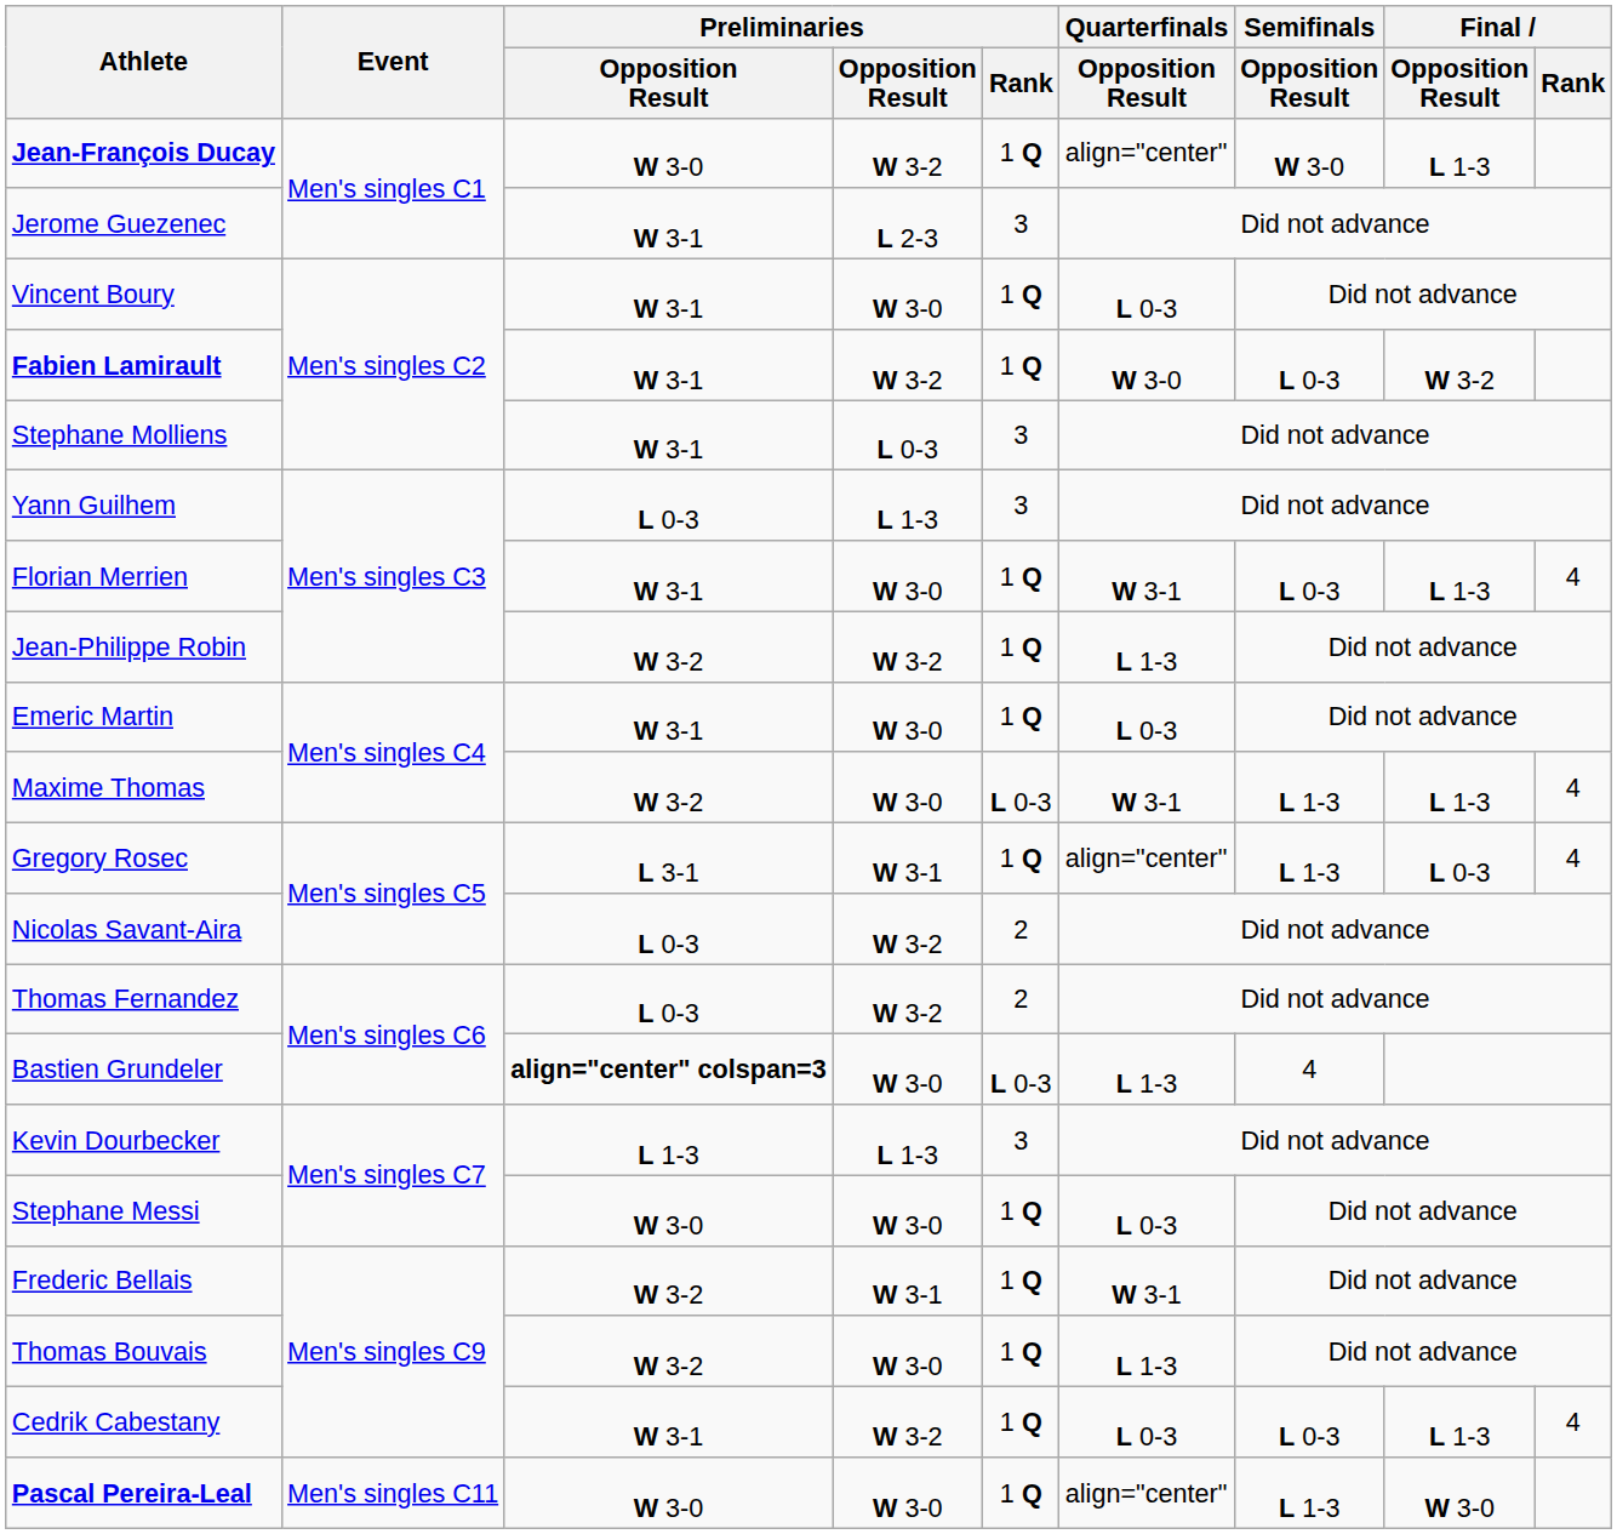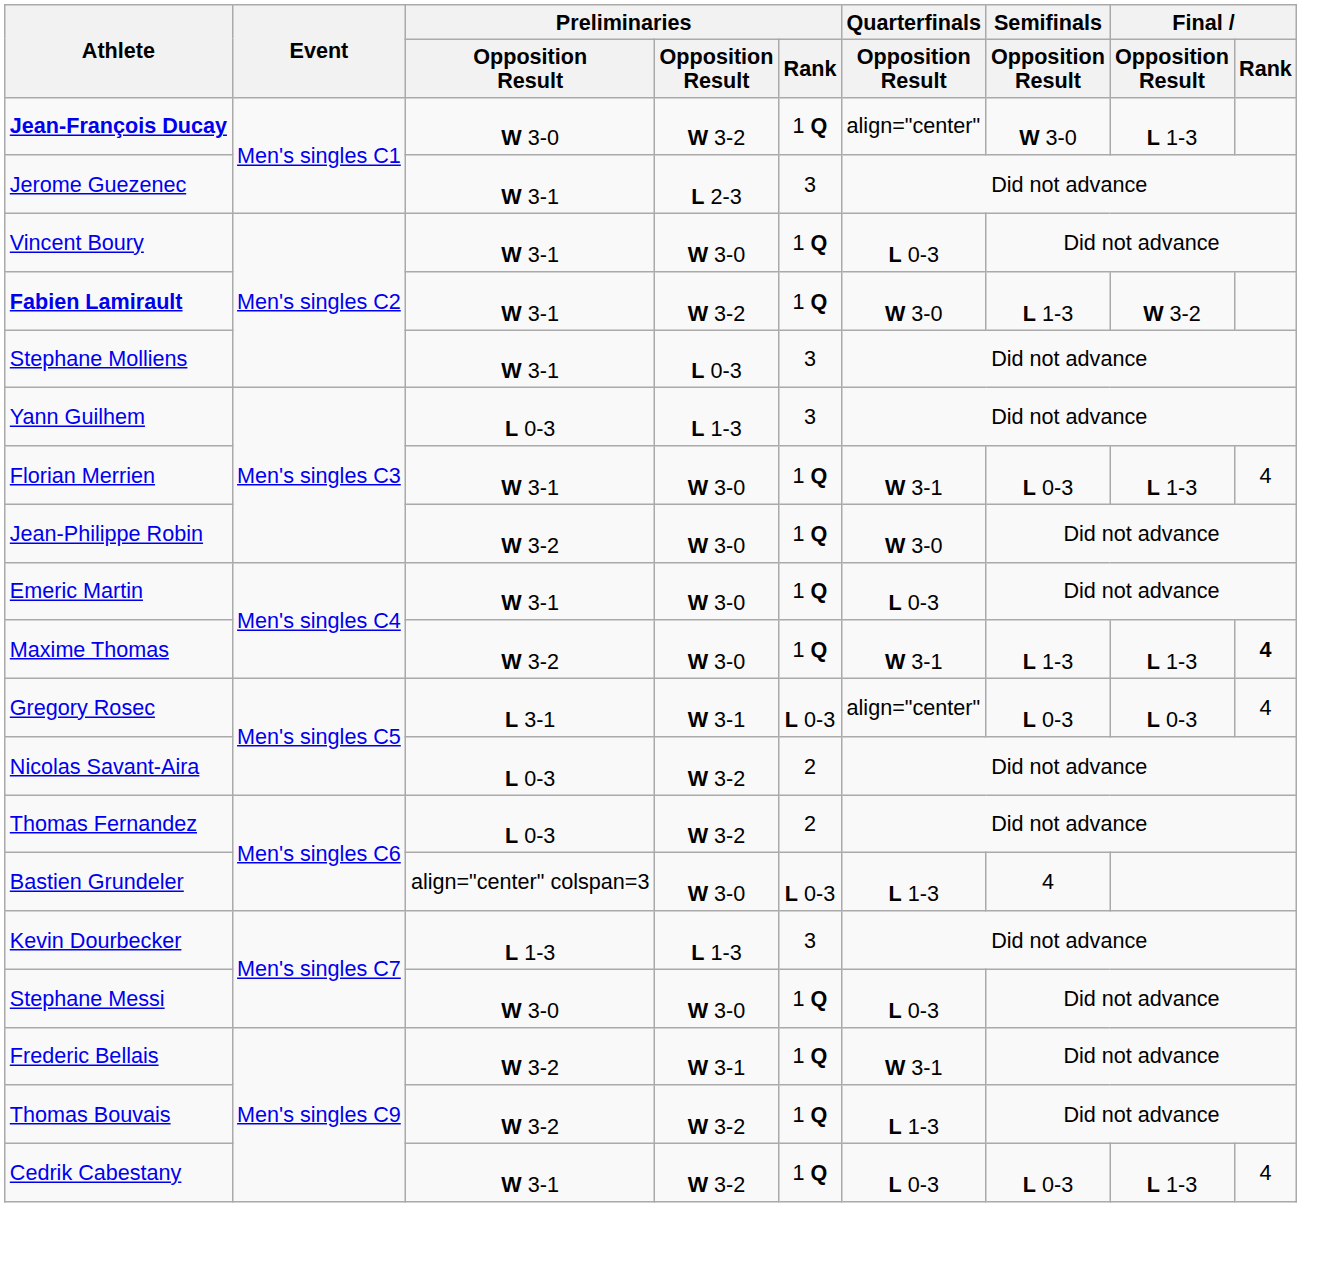 <table class=wikitable style="font-size:90%">
 <tr>
 <th rowspan="2">Athlete</th>
 <th rowspan="2">Event</th>
 <th colspan="3">Preliminaries</th>
 <th>Quarterfinals</th>
 <th>Semifinals</th>
 <th colspan="2">Final / </th>
 </tr>
 <tr>
 <th>Opposition<br>Result</th>
 <th>Opposition<br>Result</th>
 <th>Rank</th>
 <th>Opposition<br>Result</th>
 <th>Opposition<br>Result</th>
 <th>Opposition<br>Result</th>
 <th>Rank</th>
 </tr>
 <tr>
 <td><strong><a href='#'>Jean-François Ducay</a></strong></td>
 <td rowspan=2><a href='#'>Men's singles C1</a></td>
 <td align="center"><br><strong>W</strong> 3-0</td>
 <td align="center"><br><strong>W</strong> 3-2</td>
 <td align="center">1 <strong>Q</strong></td>
 <td>align="center" </td>
 <td align="center"><br><strong>W</strong> 3-0</td>
 <td align="center"><br><strong>L</strong> 1-3</td>
 <td align="center"></td>
 </tr>
 <tr>
 <td><a href='#'>Jerome Guezenec</a></td>
 <td align="center"><br><strong>W</strong> 3-1</td>
 <td align="center"><br><strong>L</strong> 2-3</td>
 <td align="center">3</td>
 <td align="center" colspan=4>Did not advance</td>
 </tr>
 <tr>
 <td><a href='#'>Vincent Boury</a></td>
 <td rowspan=3><a href='#'>Men's singles C2</a></td>
 <td align="center"><br><strong>W</strong> 3-1</td>
 <td align="center"><br><strong>W</strong> 3-0</td>
 <td align="center">1 <strong>Q</strong></td>
 <td align="center"><br><strong>L</strong> 0-3</td>
 <td align="center" colspan=3>Did not advance</td>
 </tr>
 <tr>
 <td><strong><a href='#'>Fabien Lamirault</a></strong></td>
 <td align="center"><br><strong>W</strong> 3-1</td>
 <td align="center"><br><strong>W</strong> 3-2</td>
 <td align="center">1 <strong>Q</strong></td>
 <td align="center"><br><strong>W</strong> 3-0</td>
-<td align="center"><br><strong>L</strong> 0-3</td>
+<td align="center"><br><strong>L</strong> 1-3</td>
 <td align="center"><br><strong>W</strong> 3-2</td>
 <td align="center"></td>
 </tr>
 <tr>
 <td><a href='#'>Stephane Molliens</a></td>
 <td align="center"><br><strong>W</strong> 3-1</td>
 <td align="center"><br><strong>L</strong> 0-3</td>
 <td align="center">3</td>
 <td align="center" colspan=4>Did not advance</td>
 </tr>
 <tr>
 <td><a href='#'>Yann Guilhem</a></td>
 <td rowspan=3><a href='#'>Men's singles C3</a></td>
 <td align="center"><br><strong>L</strong> 0-3</td>
 <td align="center"><br><strong>L</strong> 1-3</td>
 <td align="center">3</td>
 <td align="center" colspan=4>Did not advance</td>
 </tr>
 <tr>
 <td><a href='#'>Florian Merrien</a></td>
 <td align="center"><br><strong>W</strong> 3-1</td>
 <td align="center"><br><strong>W</strong> 3-0</td>
 <td align="center">1 <strong>Q</strong></td>
 <td align="center"><br><strong>W</strong> 3-1</td>
 <td align="center"><br><strong>L</strong> 0-3</td>
 <td align="center"><br><strong>L</strong> 1-3</td>
 <td align="center">4</td>
 </tr>
 <tr>
 <td><a href='#'>Jean-Philippe Robin</a></td>
 <td align="center"><br><strong>W</strong> 3-2</td>
-<td align="center"><br><strong>W</strong> 3-2</td>
+<td align="center"><br><strong>W</strong> 3-0</td>
 <td align="center">1 <strong>Q</strong></td>
-<td align="center"><br><strong>L</strong> 1-3</td>
+<td align="center"><br><strong>W</strong> 3-0</td>
 <td align="center" colspan=3>Did not advance</td>
 </tr>
 <tr>
 <td><a href='#'>Emeric Martin</a></td>
 <td rowspan=2><a href='#'>Men's singles C4</a></td>
 <td align="center"><br><strong>W</strong> 3-1</td>
 <td align="center"><br><strong>W</strong> 3-0</td>
 <td align="center">1 <strong>Q</strong></td>
 <td align="center"><br><strong>L</strong> 0-3</td>
 <td align="center" colspan=3>Did not advance</td>
 </tr>
 <tr>
 <td><a href='#'>Maxime Thomas</a></td>
 <td align="center"><br><strong>W</strong> 3-2</td>
 <td align="center"><br><strong>W</strong> 3-0</td>
-<td align="center"><br><strong>L</strong> 0-3</td>
+<td align="center">1 <strong>Q</strong></td>
 <td align="center"><br><strong>W</strong> 3-1</td>
 <td align="center"><br><strong>L</strong> 1-3</td>
 <td align="center"><br><strong>L</strong> 1-3</td>
-<td align="center">4</td>
+<td align="center"><strong>4</strong></td>
 </tr>
 <tr>
 <td><a href='#'>Gregory Rosec</a></td>
 <td rowspan=2><a href='#'>Men's singles C5</a></td>
 <td align="center"><br><strong>L</strong> 3-1</td>
 <td align="center"><br><strong>W</strong> 3-1</td>
-<td align="center">1 <strong>Q</strong></td>
+<td align="center"><br><strong>L</strong> 0-3</td>
 <td>align="center" </td>
-<td align="center"><br><strong>L</strong> 1-3</td>
+<td align="center"><br><strong>L</strong> 0-3</td>
 <td align="center"><br><strong>L</strong> 0-3</td>
 <td align="center">4</td>
 </tr>
 <tr>
 <td><a href='#'>Nicolas Savant-Aira</a></td>
 <td align="center"><br><strong>L</strong> 0-3</td>
 <td align="center"><br><strong>W</strong> 3-2</td>
 <td align="center">2</td>
 <td align="center" colspan=4>Did not advance</td>
 </tr>
 <tr>
 <td><a href='#'>Thomas Fernandez</a></td>
 <td rowspan=2><a href='#'>Men's singles C6</a></td>
 <td align="center"><br><strong>L</strong> 0-3</td>
 <td align="center"><br><strong>W</strong> 3-2</td>
 <td align="center">2</td>
 <td align="center" colspan=4>Did not advance</td>
 </tr>
 <tr>
 <td><a href='#'>Bastien Grundeler</a></td>
-<td><strong>align="center" colspan=3 </strong></td>
+<td>align="center" colspan=3 </td>
 <td align="center"><br><strong>W</strong> 3-0</td>
 <td align="center"><br><strong>L</strong> 0-3</td>
 <td align="center"><br><strong>L</strong> 1-3</td>
 <td align="center">4</td>
 </tr>
 <tr>
 <td><a href='#'>Kevin Dourbecker</a></td>
 <td rowspan=2><a href='#'>Men's singles C7</a></td>
 <td align="center"><br><strong>L</strong> 1-3</td>
 <td align="center"><br><strong>L</strong> 1-3</td>
 <td align="center">3</td>
 <td align="center" colspan=4>Did not advance</td>
 </tr>
 <tr>
 <td><a href='#'>Stephane Messi</a></td>
 <td align="center"><br><strong>W</strong> 3-0</td>
 <td align="center"><br><strong>W</strong> 3-0</td>
 <td align="center">1 <strong>Q</strong></td>
 <td align="center"><br><strong>L</strong> 0-3</td>
 <td align="center" colspan=3>Did not advance</td>
 </tr>
 <tr>
 <td><a href='#'>Frederic Bellais</a></td>
 <td rowspan=3><a href='#'>Men's singles C9</a></td>
 <td align="center"><br><strong>W</strong> 3-2</td>
 <td align="center"><br><strong>W</strong> 3-1</td>
 <td align="center">1 <strong>Q</strong></td>
 <td align="center"><br><strong>W</strong> 3-1</td>
 <td align="center" colspan=3>Did not advance</td>
 </tr>
 <tr>
 <td><a href='#'>Thomas Bouvais</a></td>
 <td align="center"><br><strong>W</strong> 3-2</td>
-<td align="center"><br><strong>W</strong> 3-0</td>
+<td align="center"><br><strong>W</strong> 3-2</td>
 <td align="center">1 <strong>Q</strong></td>
 <td align="center"><br><strong>L</strong> 1-3</td>
 <td align="center" colspan=3>Did not advance</td>
 </tr>
 <tr>
 <td><a href='#'>Cedrik Cabestany</a></td>
 <td align="center"><br><strong>W</strong> 3-1</td>
 <td align="center"><br><strong>W</strong> 3-2</td>
 <td align="center">1 <strong>Q</strong></td>
 <td align="center"><br><strong>L</strong> 0-3</td>
 <td align="center"><br><strong>L</strong> 0-3</td>
 <td align="center"><br><strong>L</strong> 1-3</td>
 <td align="center">4</td>
 </tr>
-<tr>
-<td><strong><a href='#'>Pascal Pereira-Leal</a></strong></td>
-<td><a href='#'>Men's singles C11</a></td>
-<td align="center"><br><strong>W</strong> 3-0</td>
-<td align="center"><br><strong>W</strong> 3-0</td>
-<td align="center">1 <strong>Q</strong></td>
-<td>align="center" </td>
-<td align="center"><br><strong>L</strong> 1-3</td>
-<td align="center"><br><strong>W</strong> 3-0</td>
-<td align="center"></td>
-</tr>
 </table>
